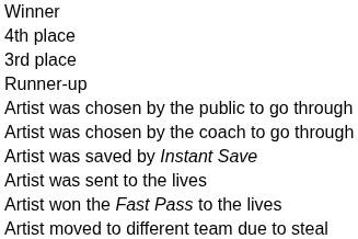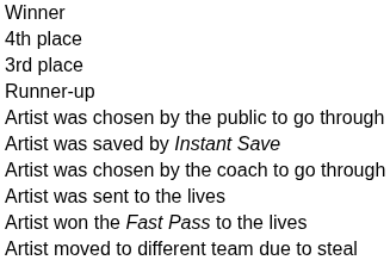 <table>
 <tr>
 <td> Winner</td>
 </tr>
 <tr>
 <td> 4th place</td>
 </tr>
 <tr>
 <td> 3rd place</td>
 </tr>
 <tr>
 <td> Runner-up</td>
 </tr>
 <tr>
 <td> Artist was chosen by the public to go through</td>
 </tr>
 <tr>
-<td> Artist was chosen by the coach to go through</td>
+<td> Artist was saved by <em>Instant Save</em></td>
 </tr>
 <tr>
-<td> Artist was saved by <em>Instant Save</em></td>
+<td> Artist was chosen by the coach to go through</td>
 </tr>
 <tr>
 <td> Artist was sent to the lives</td>
 </tr>
 <tr>
 <td> Artist won the <em>Fast Pass</em> to the lives</td>
 </tr>
 <tr>
 <td> Artist moved to different team due to steal</td>
 </tr>
 </table>
